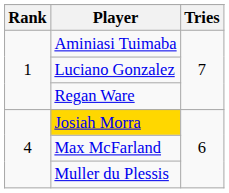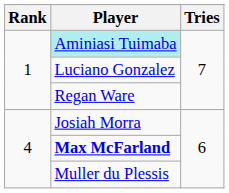 <table class="wikitable sortable">
 <tr>
 </tr>
 <tr>
 <th>Rank</th>
 <th>Player</th>
 <th>Tries</th>
 </tr>
 <tr>
 <td align=center rowspan=3>1</td>
-<td> <a href='#'>Aminiasi Tuimaba</a></td>
+<td style="background: paleturquoise;"> <a href='#'>Aminiasi Tuimaba</a></td>
 <td align=center rowspan=3>7</td>
 </tr>
 <tr>
 <td> <a href='#'>Luciano Gonzalez</a></td>
 </tr>
 <tr>
 <td> <a href='#'>Regan Ware</a></td>
 </tr>
 <tr>
 <td align=center rowspan=3>4</td>
-<td style="background: gold;"> <a href='#'>Josiah Morra</a></td>
+<td> <a href='#'>Josiah Morra</a></td>
 <td align=center rowspan=3>6</td>
 </tr>
 <tr>
-<td> <a href='#'>Max McFarland</a></td>
+<td><strong> <a href='#'>Max McFarland</a></strong></td>
 </tr>
 <tr>
 <td> <a href='#'>Muller du Plessis</a></td>
 </tr>
 </table>
